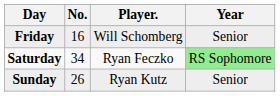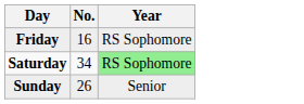 <table class="wikitable non-sortable">
 <tr>
 <th style="text-align:center; ">Day</th>
 <th style="text-align:center; ">No.</th>
-<th style="text-align:center; ">Player.</th>
 <th style="text-align:center; ">Year</th>
 </tr>
 <tr style="background:#eeeeee;text-align:center;">
 <td><strong>Friday</strong></td>
 <td>16</td>
-<td>Will Schomberg</td>
-<td>Senior</td>
+<td>RS Sophomore</td>
 </tr>
 <tr style="text-align:center;">
 <td><strong>Saturday</strong></td>
 <td>34</td>
-<td>Ryan Feczko</td>
 <td style="background: lightgreen;">RS Sophomore</td>
 </tr>
 <tr style="background:#eeeeee;text-align:center;">
 <td><strong>Sunday</strong></td>
 <td>26</td>
-<td>Ryan Kutz</td>
 <td>Senior</td>
 </tr>
 </table>
